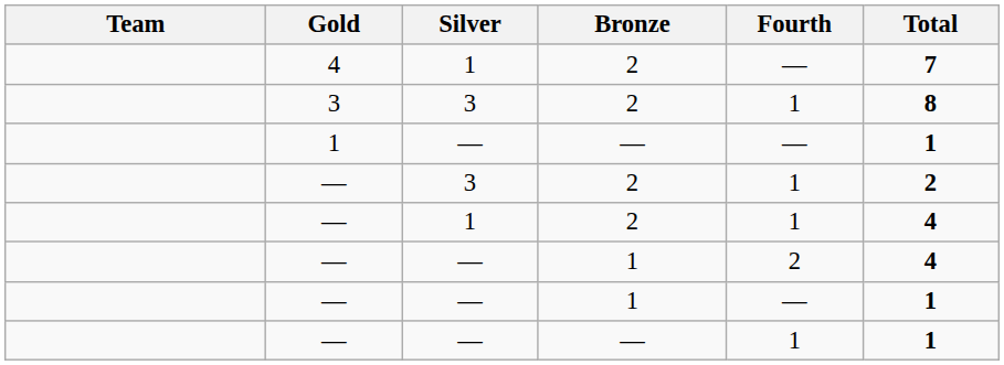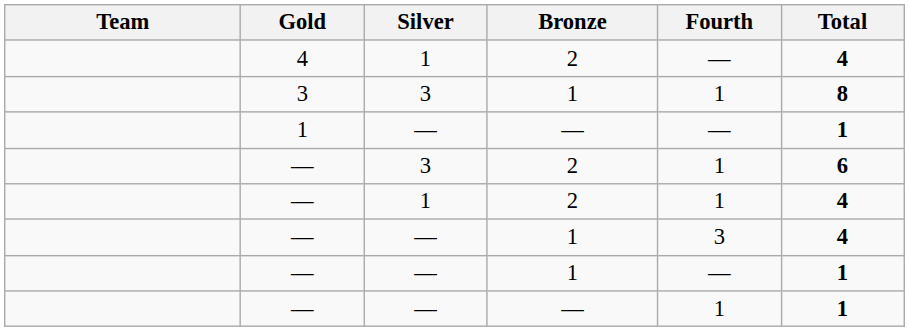 <table class="wikitable sortable" style="text-align:center;">
 <tr>
 <th style="width:10em;">Team</th>
 <th style="width:5em;"> Gold</th>
 <th style="width:5em;"> Silver</th>
 <th style="width:7.5em; padding:0;"> Bronze</th>
 <th style="width:5em;">Fourth</th>
 <th style="width:5em;">Total </th>
 </tr>
 <tr>
 <td align="left"></td>
 <td>4</td>
 <td>1</td>
 <td>2</td>
 <td>—</td>
-<td><strong>7</strong></td>
+<td><strong>4</strong></td>
 </tr>
 <tr>
 <td align="left"><strong></strong></td>
 <td>3</td>
 <td>3</td>
-<td>2</td>
+<td>1</td>
 <td>1</td>
 <td><strong>8</strong></td>
 </tr>
 <tr>
 <td align="left"></td>
 <td>1</td>
 <td>—</td>
 <td>—</td>
 <td>—</td>
 <td><strong>1</strong></td>
 </tr>
 <tr>
 <td align=left></td>
 <td>—</td>
 <td>3</td>
 <td>2</td>
 <td>1</td>
-<td><strong>2</strong></td>
+<td><strong>6</strong></td>
 </tr>
 <tr>
 <td align="left"></td>
 <td>—</td>
 <td>1</td>
 <td>2</td>
 <td>1</td>
 <td><strong>4</strong></td>
 </tr>
 <tr>
 <td align="left"></td>
 <td>—</td>
 <td>—</td>
 <td>1</td>
-<td>2</td>
+<td>3</td>
 <td><strong>4</strong></td>
 </tr>
 <tr>
 <td align=left></td>
 <td>—</td>
 <td>—</td>
 <td>1</td>
 <td>—</td>
 <td><strong>1</strong></td>
 </tr>
 <tr>
 <td align=left></td>
 <td>—</td>
 <td>—</td>
 <td>—</td>
 <td>1</td>
 <td><strong>1</strong></td>
 </tr>
 </table>
